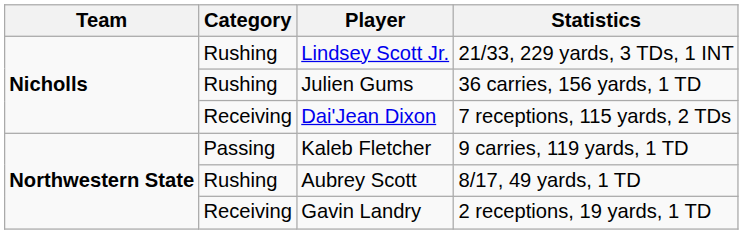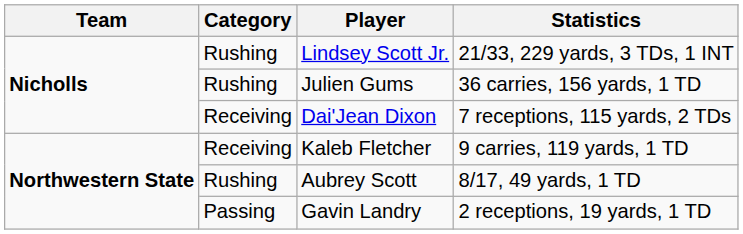 <table class="wikitable" style="float: left;">
 <tr>
 <th>Team</th>
 <th>Category</th>
 <th>Player</th>
 <th>Statistics</th>
 </tr>
 <tr>
 <td rowspan=3><strong>Nicholls</strong></td>
 <td>Rushing</td>
 <td><a href='#'>Lindsey Scott Jr.</a></td>
 <td>21/33, 229 yards, 3 TDs, 1 INT</td>
 </tr>
 <tr>
 <td>Rushing</td>
 <td>Julien Gums</td>
 <td>36 carries, 156 yards, 1 TD</td>
 </tr>
 <tr>
 <td>Receiving</td>
 <td><a href='#'>Dai'Jean Dixon</a></td>
 <td>7 receptions, 115 yards, 2 TDs</td>
 </tr>
 <tr>
 <td rowspan=3><strong>Northwestern State</strong></td>
-<td>Passing</td>
+<td>Receiving</td>
 <td>Kaleb Fletcher</td>
 <td>9 carries, 119 yards, 1 TD</td>
 </tr>
 <tr>
 <td>Rushing</td>
 <td>Aubrey Scott</td>
 <td>8/17, 49 yards, 1 TD</td>
 </tr>
 <tr>
-<td>Receiving</td>
+<td>Passing</td>
 <td>Gavin Landry</td>
 <td>2 receptions, 19 yards, 1 TD</td>
 </tr>
 </table>
